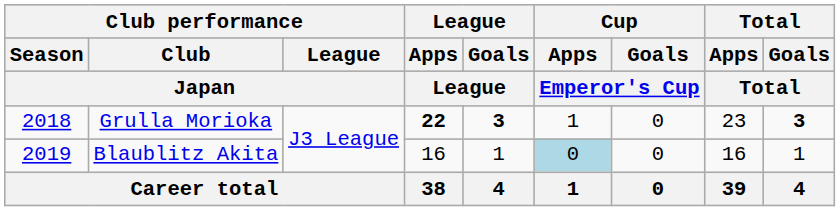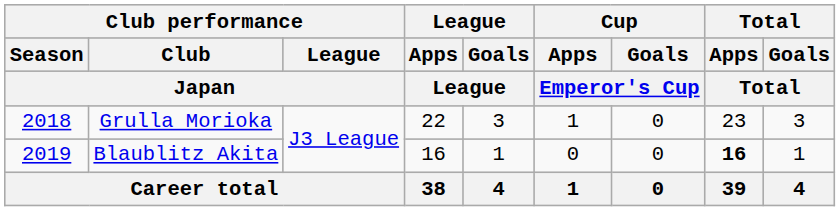 <table class="wikitable" style="text-align:center">
 <tr>
 <th colspan=3>Club performance</th>
 <th colspan=2>League</th>
 <th colspan=2>Cup</th>
 <th colspan=2>Total</th>
 </tr>
 <tr>
 <th>Season</th>
 <th>Club</th>
 <th>League</th>
 <th>Apps</th>
 <th>Goals</th>
 <th>Apps</th>
 <th>Goals</th>
 <th>Apps</th>
 <th>Goals</th>
 </tr>
 <tr>
 <th colspan=3>Japan</th>
 <th colspan=2>League</th>
 <th colspan=2><a href='#'>Emperor's Cup</a></th>
 <th colspan=2>Total</th>
 </tr>
 <tr>
 <td><a href='#'>2018</a></td>
 <td><a href='#'>Grulla Morioka</a></td>
 <td rowspan="2"><a href='#'>J3 League</a></td>
-<td><strong>22</strong></td>
-<td><strong>3</strong></td>
+<td>22</td>
+<td>3</td>
 <td>1</td>
 <td>0</td>
 <td>23</td>
-<td><strong>3</strong></td>
+<td>3</td>
 </tr>
 <tr>
 <td><a href='#'>2019</a></td>
 <td><a href='#'>Blaublitz Akita</a></td>
 <td>16</td>
 <td>1</td>
-<td style="background: lightblue;">0</td>
 <td>0</td>
-<td>16</td>
+<td>0</td>
+<td><strong>16</strong></td>
 <td>1</td>
 </tr>
 <tr>
 <th colspan=3>Career total</th>
 <th>38</th>
 <th>4</th>
 <th>1</th>
 <th>0</th>
 <th>39</th>
 <th>4</th>
 </tr>
 </table>
